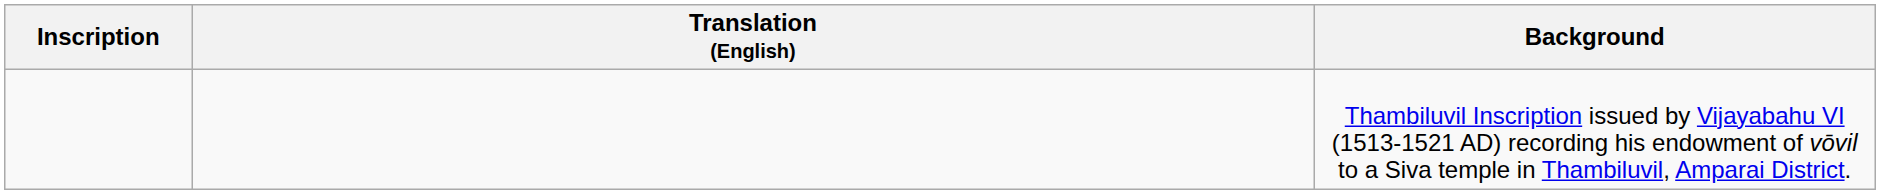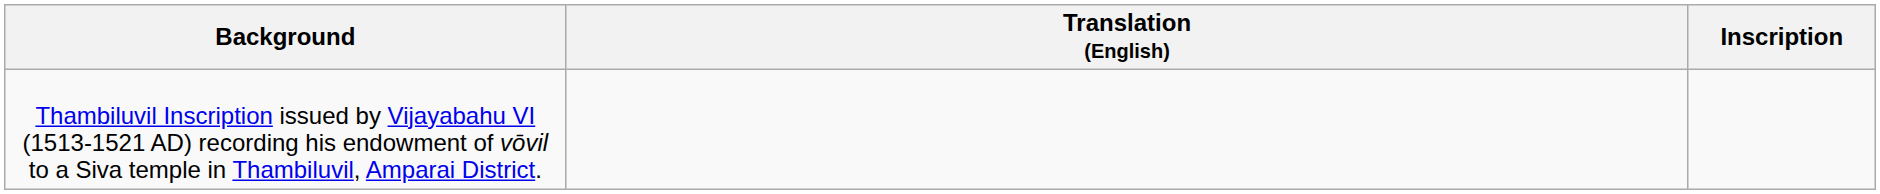 <table class="wikitable centre">
 <tr>
+<th scope="col" align=left>Background<br></th>
+<th>Translation<br><small>(English)</small></th>
 <th>Inscription<br></th>
-<th>Translation<br><small>(English)</small></th>
-<th scope="col" align=left>Background<br></th>
 </tr>
 <tr>
+<td align=center width="30%"><br><a href='#'>Thambiluvil Inscription</a> issued by <a href='#'>Vijayabahu VI</a> (1513-1521 AD) recording his endowment of  <em>vōvil</em> to a Siva temple in <a href='#'>Thambiluvil</a>, <a href='#'>Amparai District</a>.</td>
+<td align=left><br></td>
 <td align=center width="10%"><br></td>
-<td align=left><br></td>
-<td align=center width="30%"><br><a href='#'>Thambiluvil Inscription</a> issued by <a href='#'>Vijayabahu VI</a> (1513-1521 AD) recording his endowment of  <em>vōvil</em> to a Siva temple in <a href='#'>Thambiluvil</a>, <a href='#'>Amparai District</a>.</td>
 </tr>
 </table>
